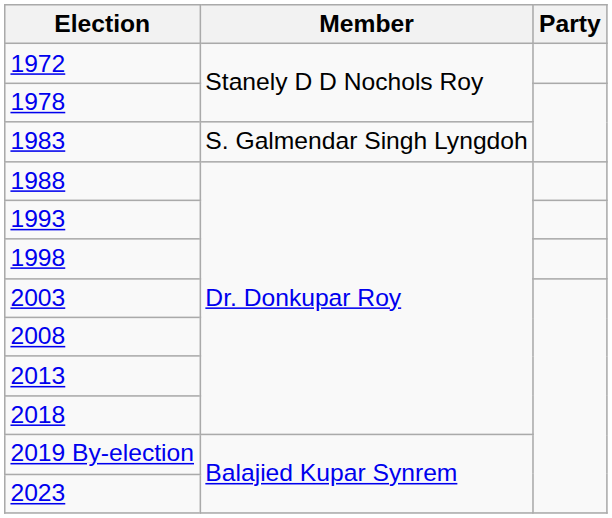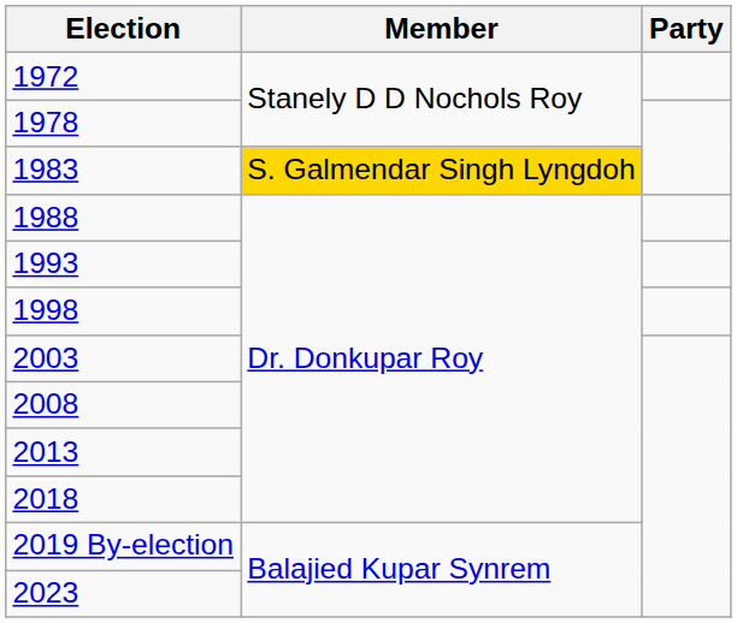 <table class="wikitable sortable">
 <tr>
 <th>Election</th>
 <th>Member</th>
 <th colspan=2>Party</th>
 </tr>
 <tr>
 <td><a href='#'>1972</a></td>
 <td rowspan=2>Stanely D D Nochols Roy</td>
 <td></td>
 </tr>
 <tr>
 <td><a href='#'>1978</a></td>
 </tr>
 <tr>
 <td><a href='#'>1983</a></td>
-<td>S. Galmendar Singh Lyngdoh</td>
+<td style="background: gold;">S. Galmendar Singh Lyngdoh</td>
 </tr>
 <tr>
 <td><a href='#'>1988</a></td>
 <td rowspan=7><a href='#'>Dr. Donkupar Roy</a></td>
 <td></td>
 </tr>
 <tr>
 <td><a href='#'>1993</a></td>
 </tr>
 <tr>
 <td><a href='#'>1998</a></td>
 <td></td>
 </tr>
 <tr>
 <td><a href='#'>2003</a></td>
 </tr>
 <tr>
 <td><a href='#'>2008</a></td>
 </tr>
 <tr>
 <td><a href='#'>2013</a></td>
 </tr>
 <tr>
 <td><a href='#'>2018</a></td>
 </tr>
 <tr>
 <td><a href='#'>2019 By-election</a></td>
 <td rowspan=2><a href='#'>Balajied Kupar Synrem</a></td>
 </tr>
 <tr>
 <td><a href='#'>2023</a></td>
 </tr>
 </table>
